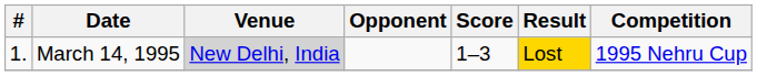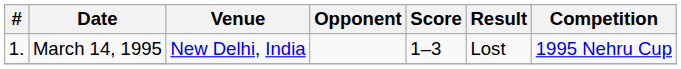 <table class="wikitable">
 <tr>
 <th>#</th>
 <th>Date</th>
 <th>Venue</th>
 <th>Opponent</th>
 <th>Score</th>
 <th>Result</th>
 <th>Competition</th>
 </tr>
 <tr>
 <td>1.</td>
 <td>March 14, 1995</td>
-<td style="background: lightgrey;"><a href='#'>New Delhi</a>, <a href='#'>India</a></td>
+<td><a href='#'>New Delhi</a>, <a href='#'>India</a></td>
 <td></td>
 <td>1–3</td>
-<td style="background: gold;">Lost</td>
+<td>Lost</td>
 <td><a href='#'>1995 Nehru Cup</a></td>
 </tr>
 <tr>
 </tr>
 </table>
